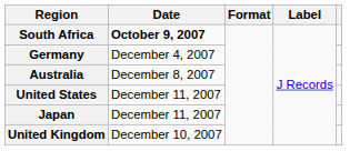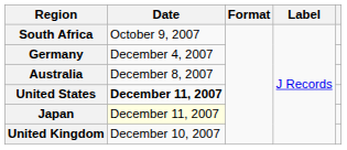 <table class="wikitable plainrowheaders">
 <tr>
 <th scope="col">Region</th>
 <th scope="col">Date</th>
 <th scope="col">Format</th>
 <th scope="col">Label</th>
 <th scope="col"></th>
 </tr>
 <tr>
 <th scope="row">South Africa</th>
-<td><strong>October 9, 2007</strong></td>
+<td>October 9, 2007</td>
 <td rowspan="6"></td>
 <td rowspan="6"><a href='#'>J Records</a></td>
 <td align="center"></td>
 </tr>
 <tr>
 <th scope="row">Germany</th>
 <td>December 4, 2007</td>
 <td align="center"></td>
 </tr>
 <tr>
 <th scope="row">Australia</th>
 <td>December 8, 2007</td>
 <td align="center"></td>
 </tr>
 <tr>
 <th scope="row">United States</th>
-<td>December 11, 2007</td>
+<td><strong>December 11, 2007</strong></td>
 <td align="center"></td>
 </tr>
 <tr>
 <th scope="row">Japan</th>
-<td>December 11, 2007</td>
+<td style="background: lightyellow;">December 11, 2007</td>
 <td align="center"></td>
 </tr>
 <tr>
 <th scope="row">United Kingdom</th>
 <td>December 10, 2007</td>
 <td align="center"></td>
 </tr>
 </table>
